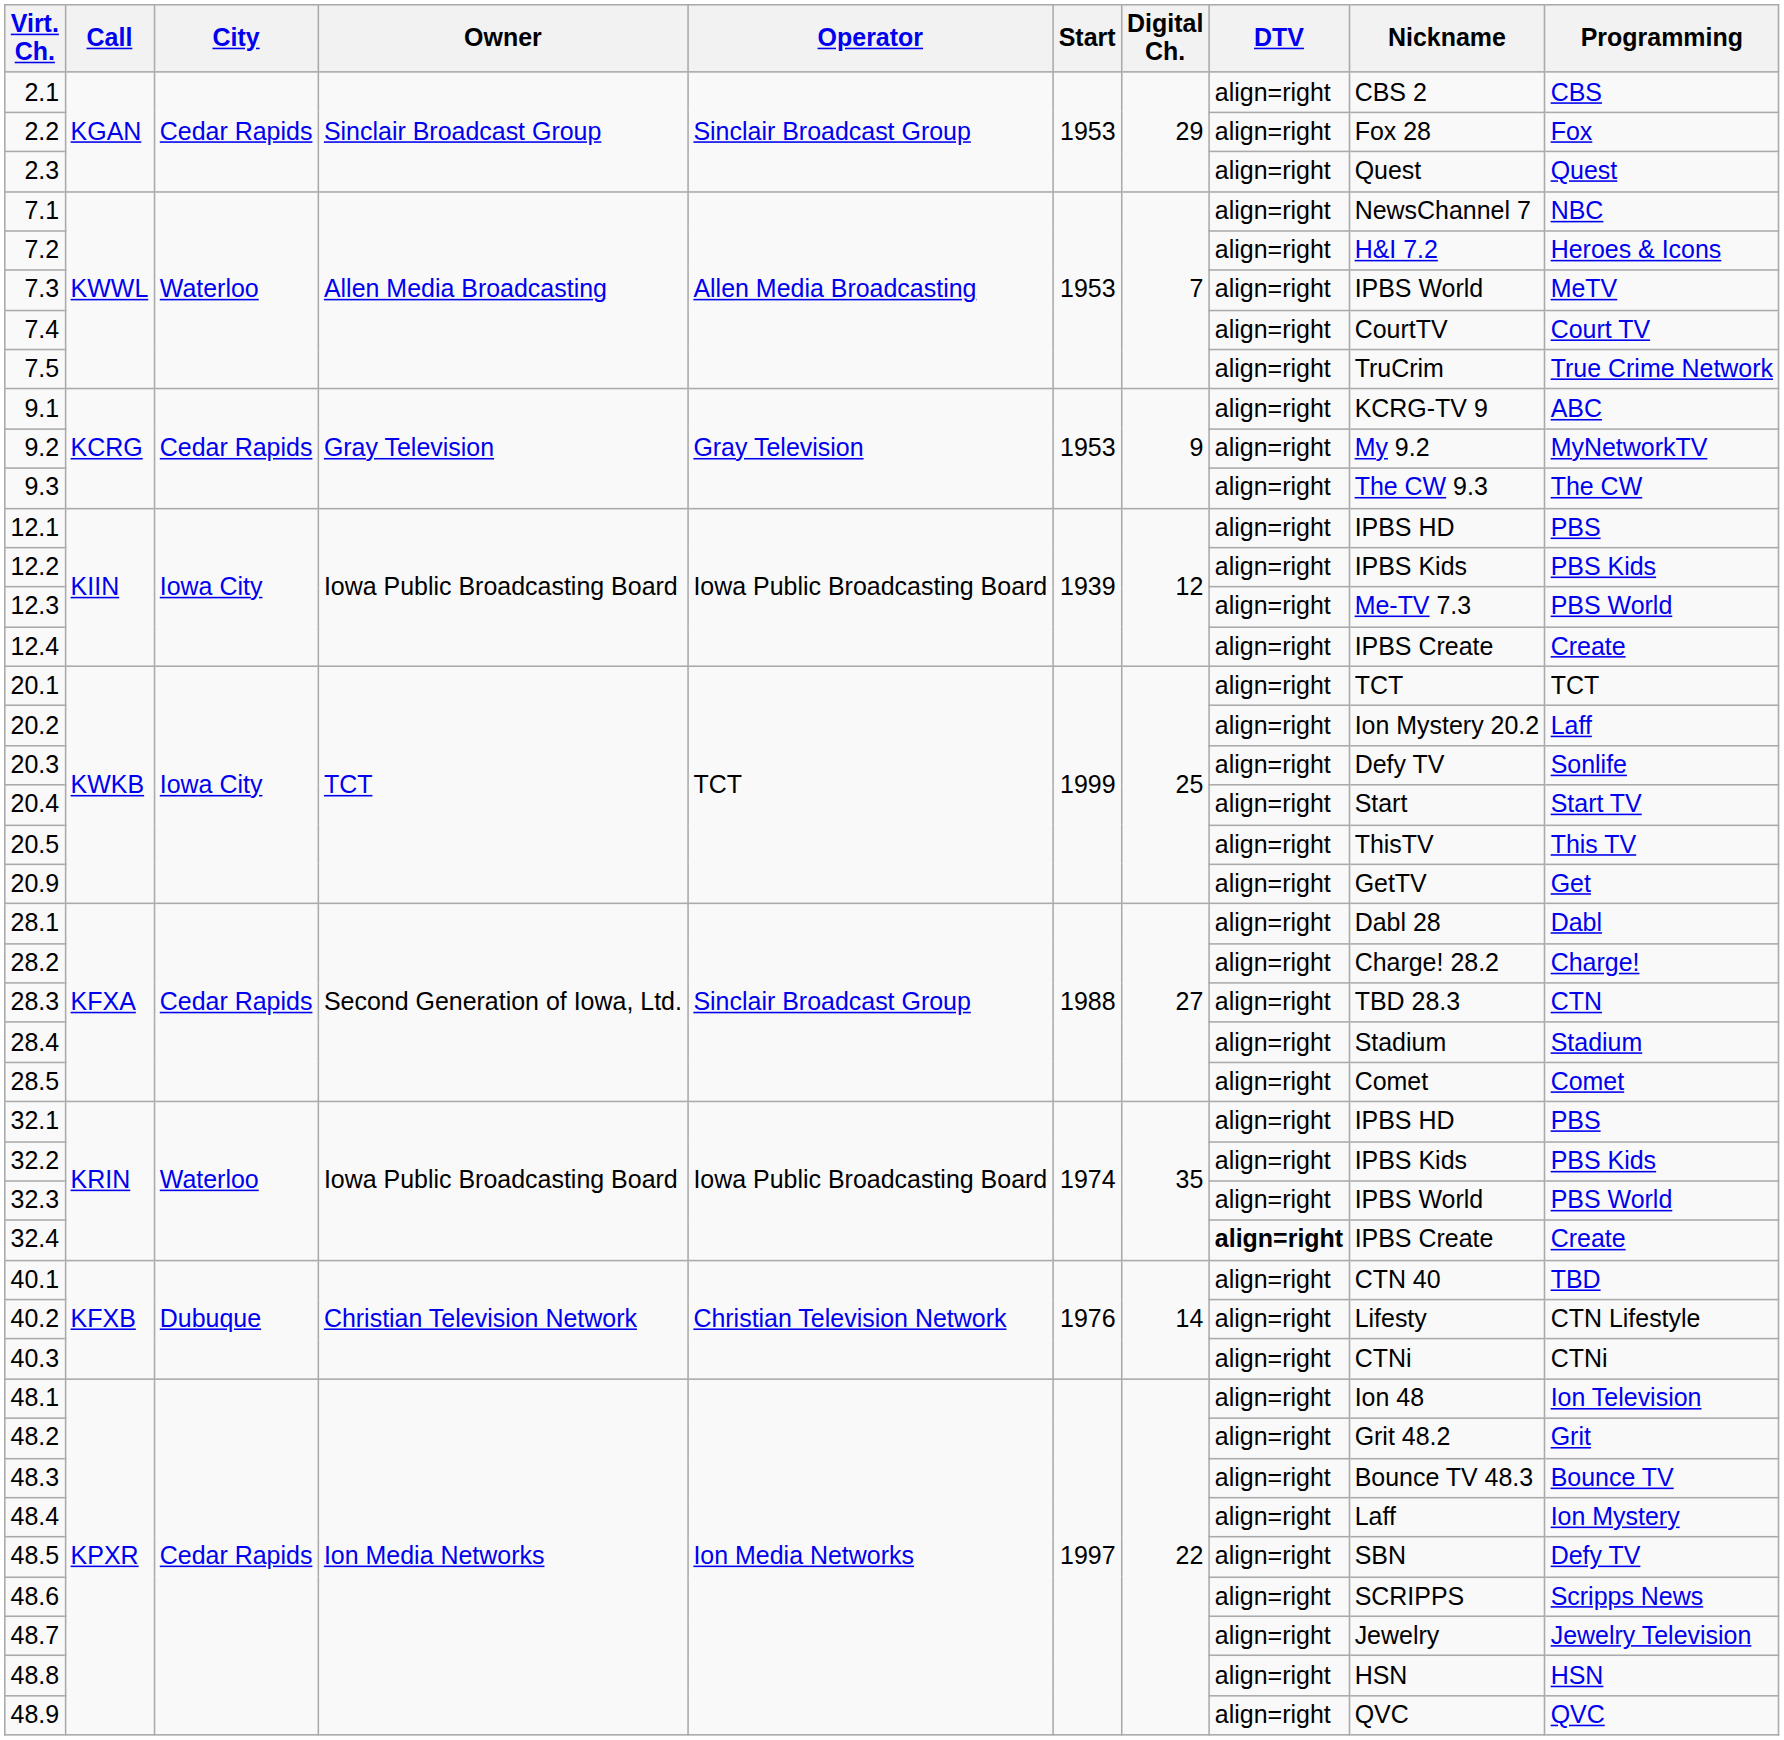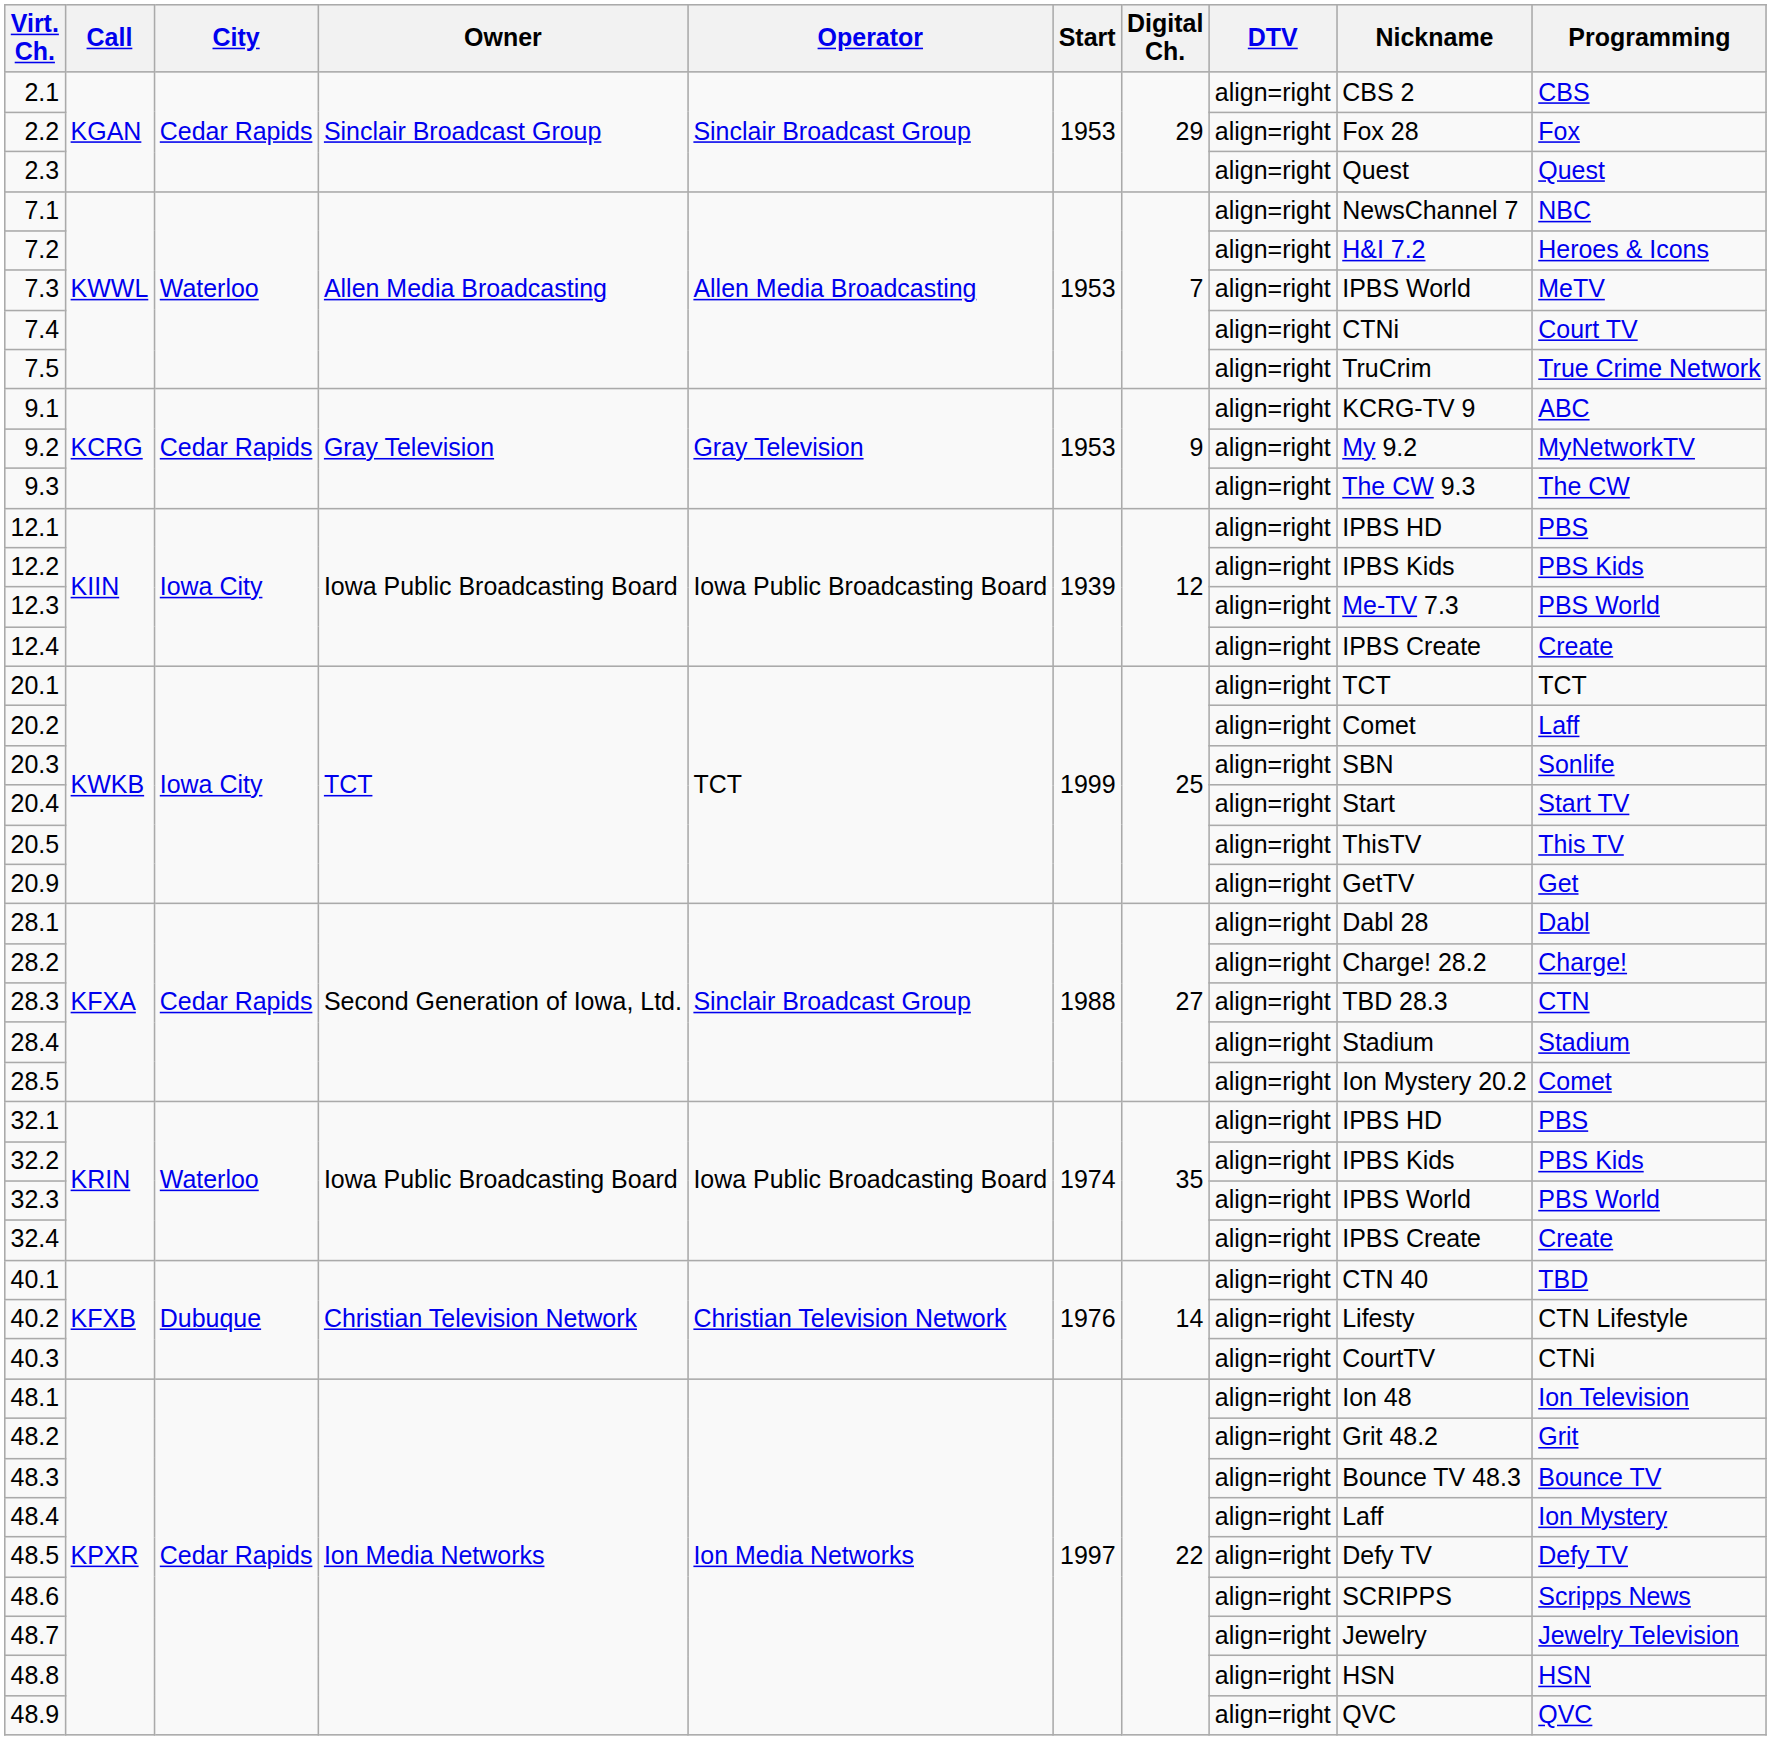 <table class="wikitable sortable">
 <tr>
 <th><a href='#'>Virt.<br>Ch.</a></th>
 <th><a href='#'>Call</a></th>
 <th><a href='#'>City</a></th>
 <th>Owner</th>
 <th><a href='#'>Operator</a></th>
 <th>Start</th>
 <th>Digital<br>Ch.</th>
 <th><a href='#'>DTV</a></th>
 <th>Nickname</th>
 <th>Programming</th>
 </tr>
 <tr>
 <td align=right>2.1</td>
 <td rowspan=3><a href='#'>KGAN</a></td>
 <td rowspan=3><a href='#'>Cedar Rapids</a></td>
 <td rowspan=3><a href='#'>Sinclair Broadcast Group</a></td>
 <td rowspan=3><a href='#'>Sinclair Broadcast Group</a></td>
 <td rowspan=3 align=right>1953</td>
 <td rowspan=3 align=right>29</td>
 <td>align=right </td>
 <td>CBS 2</td>
 <td><a href='#'>CBS</a></td>
 </tr>
 <tr>
 <td align=right>2.2</td>
 <td>align=right </td>
 <td>Fox 28</td>
 <td><a href='#'>Fox</a></td>
 </tr>
 <tr>
 <td align=right>2.3</td>
 <td>align=right </td>
 <td>Quest</td>
 <td><a href='#'>Quest</a></td>
 </tr>
 <tr>
 <td align=right>7.1</td>
 <td rowspan=5><a href='#'>KWWL</a></td>
 <td rowspan=5><a href='#'>Waterloo</a></td>
 <td rowspan=5><a href='#'>Allen Media Broadcasting</a></td>
 <td rowspan=5><a href='#'>Allen Media Broadcasting</a></td>
 <td rowspan=5 align=right>1953</td>
 <td rowspan=5 align=right>7</td>
 <td>align=right </td>
 <td>NewsChannel 7</td>
 <td><a href='#'>NBC</a></td>
 </tr>
 <tr>
 <td align=right>7.2</td>
 <td>align=right </td>
 <td><a href='#'>H&I 7.2</a></td>
 <td><a href='#'>Heroes & Icons</a></td>
 </tr>
 <tr>
 <td align=right>7.3</td>
 <td>align=right </td>
 <td>IPBS World</td>
 <td><a href='#'>MeTV</a></td>
 </tr>
 <tr>
 <td align=right>7.4</td>
 <td>align=right </td>
-<td>CourtTV</td>
+<td>CTNi</td>
 <td><a href='#'>Court TV</a></td>
 </tr>
 <tr>
 <td align=right>7.5</td>
 <td>align=right </td>
 <td>TruCrim</td>
 <td><a href='#'>True Crime Network</a></td>
 </tr>
 <tr>
 <td align=right>9.1</td>
 <td rowspan=3><a href='#'>KCRG</a></td>
 <td rowspan=3><a href='#'>Cedar Rapids</a></td>
 <td rowspan=3><a href='#'>Gray Television</a></td>
 <td rowspan=3><a href='#'>Gray Television</a></td>
 <td rowspan=3 align=right>1953</td>
 <td rowspan=3 align=right>9</td>
 <td>align=right </td>
 <td>KCRG-TV 9</td>
 <td><a href='#'>ABC</a></td>
 </tr>
 <tr>
 <td align=right>9.2</td>
 <td>align=right </td>
 <td><a href='#'>My</a> 9.2</td>
 <td><a href='#'>MyNetworkTV</a></td>
 </tr>
 <tr>
 <td align=right>9.3</td>
 <td>align=right </td>
 <td><a href='#'>The CW</a> 9.3</td>
 <td><a href='#'>The CW</a></td>
 </tr>
 <tr>
 <td align=right>12.1</td>
 <td rowspan=4><a href='#'>KIIN</a></td>
 <td rowspan=4><a href='#'>Iowa City</a></td>
 <td rowspan=4>Iowa Public Broadcasting Board</td>
 <td rowspan=4>Iowa Public Broadcasting Board</td>
 <td rowspan=4 align=right>1939</td>
 <td rowspan=4 align=right>12</td>
 <td>align=right </td>
 <td>IPBS HD</td>
 <td><a href='#'>PBS</a></td>
 </tr>
 <tr>
 <td align=right>12.2</td>
 <td>align=right </td>
 <td>IPBS Kids</td>
 <td><a href='#'>PBS Kids</a></td>
 </tr>
 <tr>
 <td align=right>12.3</td>
 <td>align=right </td>
 <td><a href='#'>Me-TV</a> 7.3</td>
 <td><a href='#'>PBS World</a></td>
 </tr>
 <tr>
 <td align=right>12.4</td>
 <td>align=right </td>
 <td>IPBS Create</td>
 <td><a href='#'>Create</a></td>
 </tr>
 <tr>
 <td align=right>20.1</td>
 <td rowspan=6><a href='#'>KWKB</a></td>
 <td rowspan=6><a href='#'>Iowa City</a></td>
 <td rowspan=6><a href='#'>TCT</a></td>
 <td rowspan=6>TCT</td>
 <td rowspan=6 align=right>1999</td>
 <td rowspan=6 align=right>25</td>
 <td>align=right </td>
 <td>TCT</td>
 <td>TCT</td>
 </tr>
 <tr>
 <td align=right>20.2</td>
 <td>align=right </td>
-<td>Ion Mystery 20.2</td>
+<td>Comet</td>
 <td><a href='#'>Laff</a></td>
 </tr>
 <tr>
 <td align=right>20.3</td>
 <td>align=right </td>
-<td>Defy TV</td>
+<td>SBN</td>
 <td><a href='#'>Sonlife</a></td>
 </tr>
 <tr>
 <td align=right>20.4</td>
 <td>align=right </td>
 <td>Start</td>
 <td><a href='#'>Start TV</a></td>
 </tr>
 <tr>
 <td align=right>20.5</td>
 <td>align=right </td>
 <td>ThisTV</td>
 <td><a href='#'>This TV</a></td>
 </tr>
 <tr>
 <td align=right>20.9</td>
 <td>align=right </td>
 <td>GetTV</td>
 <td><a href='#'>Get</a></td>
 </tr>
 <tr>
 <td align=right>28.1</td>
 <td rowspan=5><a href='#'>KFXA</a></td>
 <td rowspan=5><a href='#'>Cedar Rapids</a></td>
 <td rowspan=5>Second Generation of Iowa, Ltd.</td>
 <td rowspan=5><a href='#'>Sinclair Broadcast Group</a></td>
 <td rowspan=5 align=right>1988</td>
 <td rowspan=5 align=right>27</td>
 <td>align=right </td>
 <td>Dabl 28</td>
 <td><a href='#'>Dabl</a></td>
 </tr>
 <tr>
 <td align=right>28.2</td>
 <td>align=right </td>
 <td>Charge! 28.2</td>
 <td><a href='#'>Charge!</a></td>
 </tr>
 <tr>
 <td align=right>28.3</td>
 <td>align=right </td>
 <td>TBD 28.3</td>
 <td><a href='#'>CTN</a></td>
 </tr>
 <tr>
 <td align=right>28.4</td>
 <td>align=right </td>
 <td>Stadium</td>
 <td><a href='#'>Stadium</a></td>
 </tr>
 <tr>
 <td align=right>28.5</td>
 <td>align=right </td>
-<td>Comet</td>
+<td>Ion Mystery 20.2</td>
 <td><a href='#'>Comet</a></td>
 </tr>
 <tr>
 <td align=right>32.1</td>
 <td rowspan=4><a href='#'>KRIN</a></td>
 <td rowspan=4><a href='#'>Waterloo</a></td>
 <td rowspan=4>Iowa Public Broadcasting Board</td>
 <td rowspan=4>Iowa Public Broadcasting Board</td>
 <td rowspan=4 align=right>1974</td>
 <td rowspan=4 align=right>35</td>
 <td>align=right </td>
 <td>IPBS HD</td>
 <td><a href='#'>PBS</a></td>
 </tr>
 <tr>
 <td align=right>32.2</td>
 <td>align=right </td>
 <td>IPBS Kids</td>
 <td><a href='#'>PBS Kids</a></td>
 </tr>
 <tr>
 <td align=right>32.3</td>
 <td>align=right </td>
 <td>IPBS World</td>
 <td><a href='#'>PBS World</a></td>
 </tr>
 <tr>
 <td align=right>32.4</td>
-<td><strong>align=right </strong></td>
+<td>align=right </td>
 <td>IPBS Create</td>
 <td><a href='#'>Create</a></td>
 </tr>
 <tr>
 <td align=right>40.1</td>
 <td rowspan=3><a href='#'>KFXB</a></td>
 <td rowspan=3><a href='#'>Dubuque</a></td>
 <td rowspan=3><a href='#'>Christian Television Network</a></td>
 <td rowspan=3><a href='#'>Christian Television Network</a></td>
 <td rowspan=3 align=right>1976</td>
 <td rowspan=3 align=right>14</td>
 <td>align=right </td>
 <td>CTN 40</td>
 <td><a href='#'>TBD</a></td>
 </tr>
 <tr>
 <td align=right>40.2</td>
 <td>align=right </td>
 <td>Lifesty</td>
 <td>CTN Lifestyle</td>
 </tr>
 <tr>
 <td align=right>40.3</td>
 <td>align=right </td>
-<td>CTNi</td>
+<td>CourtTV</td>
 <td>CTNi</td>
 </tr>
 <tr>
 <td align=right>48.1</td>
 <td rowspan=9><a href='#'>KPXR</a></td>
 <td rowspan=9><a href='#'>Cedar Rapids</a></td>
 <td rowspan=9><a href='#'>Ion Media Networks</a></td>
 <td rowspan=9><a href='#'>Ion Media Networks</a></td>
 <td rowspan=9 align=right>1997</td>
 <td rowspan=9 align=right>22</td>
 <td>align=right </td>
 <td>Ion 48</td>
 <td><a href='#'>Ion Television</a></td>
 </tr>
 <tr>
 <td align=right>48.2</td>
 <td>align=right </td>
 <td>Grit 48.2</td>
 <td><a href='#'>Grit</a></td>
 </tr>
 <tr>
 <td align=right>48.3</td>
 <td>align=right </td>
 <td>Bounce TV 48.3</td>
 <td><a href='#'>Bounce TV</a></td>
 </tr>
 <tr>
 <td align=right>48.4</td>
 <td>align=right </td>
 <td>Laff</td>
 <td><a href='#'>Ion Mystery</a></td>
 </tr>
 <tr>
 <td align=right>48.5</td>
 <td>align=right </td>
-<td>SBN</td>
+<td>Defy TV</td>
 <td><a href='#'>Defy TV</a></td>
 </tr>
 <tr>
 <td align=right>48.6</td>
 <td>align=right </td>
 <td>SCRIPPS</td>
 <td><a href='#'>Scripps News</a></td>
 </tr>
 <tr>
 <td align=right>48.7</td>
 <td>align=right </td>
 <td>Jewelry</td>
 <td><a href='#'>Jewelry Television</a></td>
 </tr>
 <tr>
 <td align=right>48.8</td>
 <td>align=right </td>
 <td>HSN</td>
 <td><a href='#'>HSN</a></td>
 </tr>
 <tr>
 <td align=right>48.9</td>
 <td>align=right </td>
 <td>QVC</td>
 <td><a href='#'>QVC</a></td>
 </tr>
 </table>
